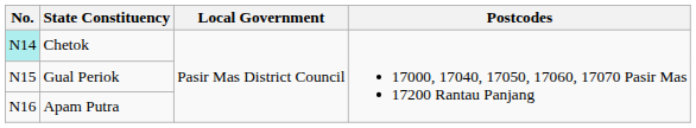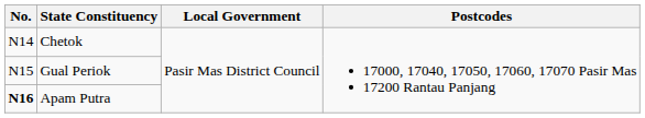 <table class="wikitable">
 <tr>
 <th>No.</th>
 <th>State Constituency</th>
 <th>Local Government</th>
 <th>Postcodes</th>
 </tr>
 <tr>
-<td style="background: paleturquoise;">N14</td>
+<td>N14</td>
 <td>Chetok</td>
 <td rowspan="3">Pasir Mas District Council</td>
 <td rowspan="3"><br><ul><li>17000, 17040, 17050, 17060, 17070 Pasir Mas</li><li>17200 Rantau Panjang</li></ul></td>
 </tr>
 <tr>
 <td>N15</td>
 <td>Gual Periok</td>
 </tr>
 <tr>
-<td>N16</td>
+<td><strong>N16</strong></td>
 <td>Apam Putra</td>
 </tr>
 </table>
